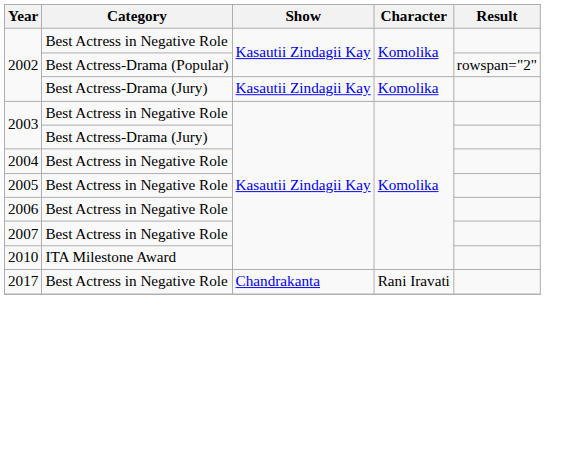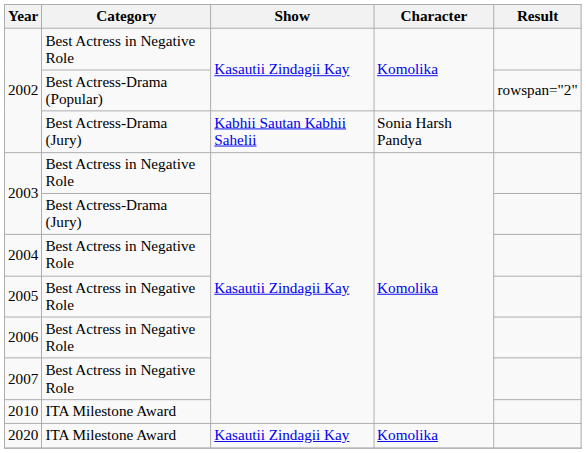 <table class="wikitable sortable">
 <tr>
 <th>Year</th>
 <th>Category</th>
 <th>Show</th>
 <th>Character</th>
 <th>Result</th>
 </tr>
 <tr>
 <td rowspan="3">2002</td>
 <td>Best Actress in Negative Role</td>
 <td rowspan="2"><a href='#'>Kasautii Zindagii Kay</a></td>
 <td rowspan="2"><a href='#'>Komolika</a></td>
 <td></td>
 </tr>
 <tr>
 <td>Best Actress-Drama (Popular)</td>
 <td>rowspan="2" </td>
 </tr>
 <tr>
 <td>Best Actress-Drama (Jury)</td>
-<td><a href='#'>Kasautii Zindagii Kay</a></td>
-<td><a href='#'>Komolika</a></td>
+<td><a href='#'>Kabhii Sautan Kabhii Sahelii</a></td>
+<td>Sonia Harsh Pandya</td>
 </tr>
 <tr>
 <td rowspan="2">2003</td>
 <td>Best Actress in Negative Role</td>
 <td rowspan="7"><a href='#'>Kasautii Zindagii Kay</a></td>
 <td rowspan="7"><a href='#'>Komolika</a></td>
 <td> </td>
 </tr>
 <tr>
 <td>Best Actress-Drama (Jury)</td>
 <td></td>
 </tr>
 <tr>
 <td>2004</td>
 <td>Best Actress in Negative Role</td>
 <td></td>
 </tr>
 <tr>
 <td>2005</td>
 <td>Best Actress in Negative Role</td>
 <td></td>
 </tr>
 <tr>
 <td>2006</td>
 <td>Best Actress in Negative Role</td>
 <td></td>
 </tr>
 <tr>
 <td>2007</td>
 <td>Best Actress in Negative Role</td>
 <td></td>
 </tr>
 <tr>
 <td>2010</td>
 <td>ITA Milestone Award</td>
 <td></td>
 </tr>
 <tr>
-<td>2017</td>
-<td>Best Actress in Negative Role</td>
-<td><a href='#'>Chandrakanta</a></td>
-<td>Rani Iravati</td>
-<td></td>
+<td>2020</td>
+<td>ITA Milestone Award</td>
+<td><a href='#'>Kasautii Zindagii Kay</a></td>
+<td><a href='#'>Komolika</a></td>
+<td> </td>
 </tr>
 <tr>
 </tr>
 </table>
